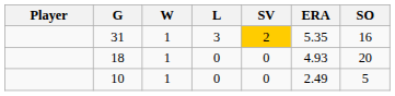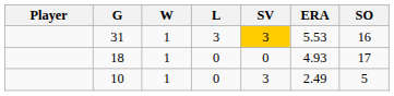 <table class="wikitable sortable">
 <tr>
 <th bgcolor="#DDDDFF" width="16%">Player</th>
 <th bgcolor="#DDDDFF" width="9%">G</th>
 <th bgcolor="#DDDDFF" width="9%">W</th>
 <th bgcolor="#DDDDFF" width="9%">L</th>
 <th bgcolor="#DDDDFF" width="9%">SV</th>
 <th bgcolor="#DDDDFF" width="9%">ERA</th>
 <th bgcolor="#DDDDFF" width="9%">SO</th>
 </tr>
 <tr align="center">
 <td></td>
 <td>31</td>
 <td>1</td>
 <td>3</td>
-<td style="background:#fc0;">2</td>
-<td>5.35</td>
+<td style="background:#fc0;">3</td>
+<td>5.53</td>
 <td>16</td>
 </tr>
 <tr align="center">
 <td></td>
 <td>18</td>
 <td>1</td>
 <td>0</td>
 <td>0</td>
 <td>4.93</td>
-<td>20</td>
+<td>17</td>
 </tr>
 <tr align="center">
 <td></td>
 <td>10</td>
 <td>1</td>
 <td>0</td>
-<td>0</td>
+<td>3</td>
 <td>2.49</td>
 <td>5</td>
 </tr>
 </table>
